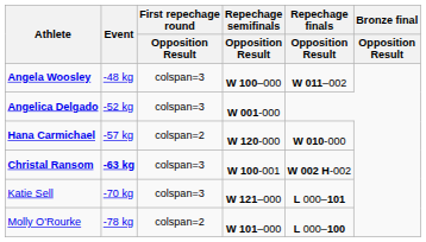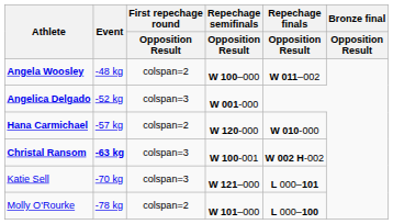 <table class="wikitable" style="font-size:90%">
 <tr>
 <th rowspan="2">Athlete</th>
 <th rowspan="2">Event</th>
 <th>First repechage <br>round</th>
 <th>Repechage <br>semifinals</th>
 <th>Repechage <br>finals</th>
 <th>Bronze final</th>
 </tr>
 <tr>
 <th>Opposition<br>Result</th>
 <th>Opposition<br>Result</th>
 <th>Opposition<br>Result</th>
 <th>Opposition<br>Result</th>
 </tr>
 <tr align=center>
 <td align=left><strong><a href='#'>Angela Woosley</a></strong></td>
 <td align=left><a href='#'>-48 kg</a></td>
-<td>colspan=3 </td>
+<td>colspan=2 </td>
 <td><br><strong>W</strong> <strong>100</strong>–000</td>
 <td><br><strong>W</strong> <strong>011</strong>–002 </td>
 </tr>
 <tr align=center>
 <td align=left><strong><a href='#'>Angelica Delgado</a></strong></td>
 <td align=left><a href='#'>-52 kg</a></td>
 <td>colspan=3 </td>
 <td><br><strong>W</strong> <strong>001</strong>-000 </td>
 </tr>
 <tr align=center>
 <td align=left><strong><a href='#'>Hana Carmichael</a></strong></td>
 <td align=left><a href='#'>-57 kg</a></td>
 <td>colspan=2 </td>
 <td><br><strong>W</strong> <strong>120</strong>-000</td>
 <td><br><strong>W</strong> <strong>010</strong>-000 </td>
 </tr>
 <tr align=center>
 <td align=left><strong><a href='#'>Christal Ransom</a></strong></td>
 <td align=left><strong><a href='#'>-63 kg</a></strong></td>
 <td>colspan=3 </td>
 <td><br><strong>W</strong> <strong>100</strong>-001</td>
 <td><br><strong>W</strong> <strong>002 H</strong>-002 </td>
 </tr>
 <tr align=center>
 <td align=left><a href='#'>Katie Sell</a></td>
 <td align=left><a href='#'>-70 kg</a></td>
 <td>colspan=3 </td>
 <td><br><strong>W</strong> <strong>121</strong>–000</td>
 <td><br><strong>L</strong> 000–<strong>101</strong></td>
 </tr>
 <tr align=center>
 <td align=left><a href='#'>Molly O'Rourke</a></td>
 <td align=left><a href='#'>-78 kg</a></td>
 <td>colspan=2 </td>
 <td><br><strong>W</strong> <strong>101</strong>–000</td>
 <td><br><strong>L</strong> 000–<strong>100</strong></td>
 </tr>
 </table>
